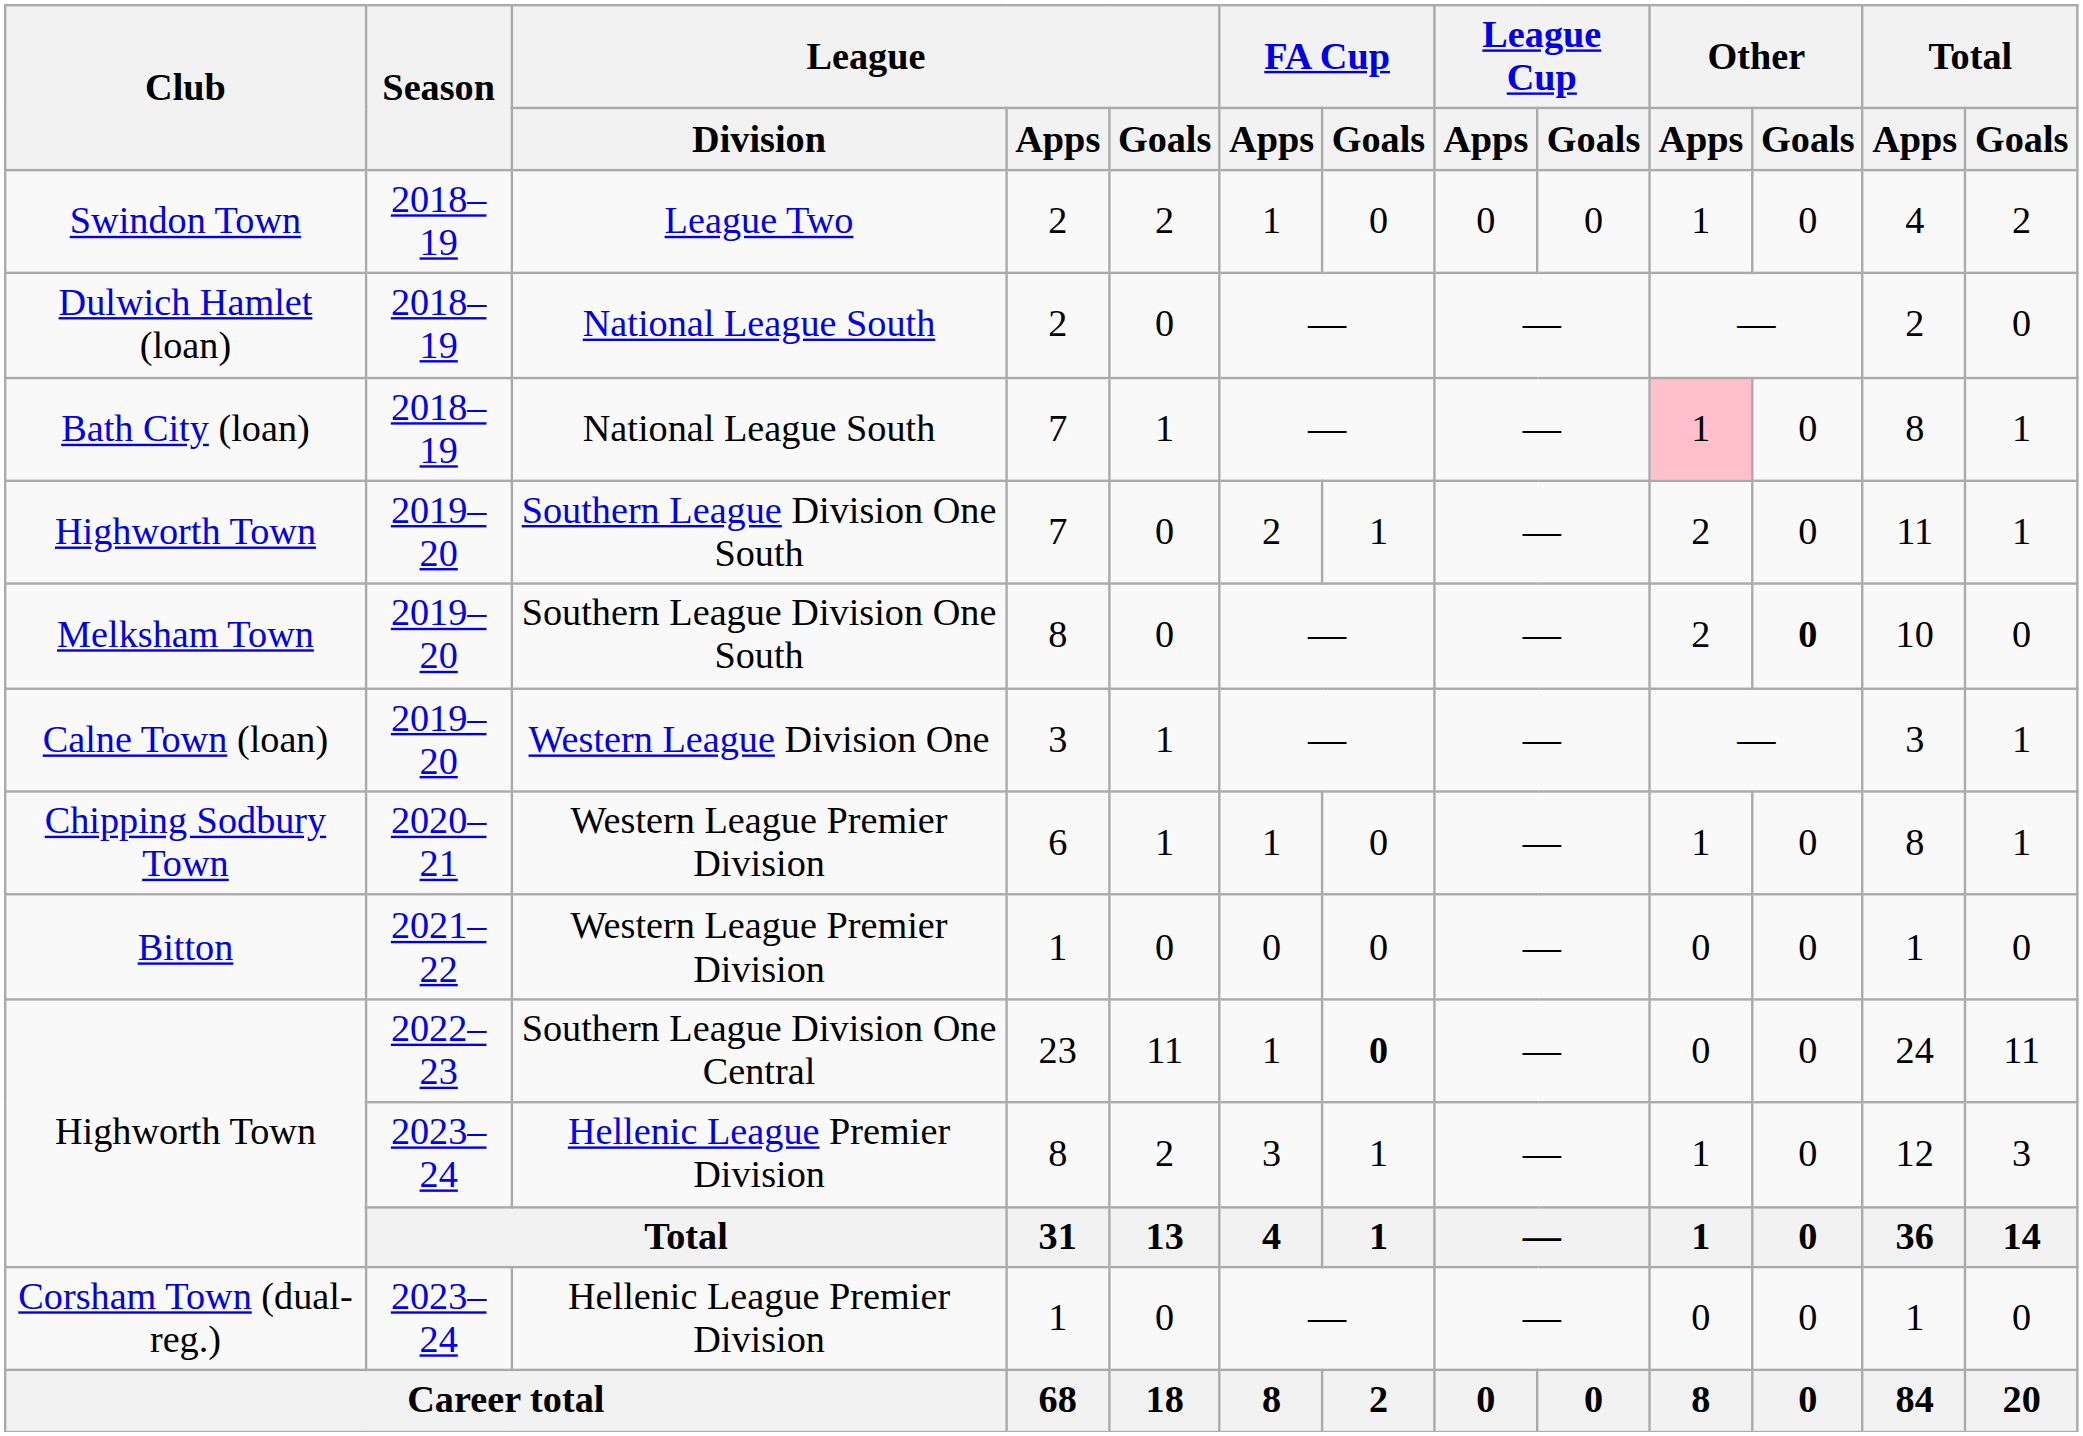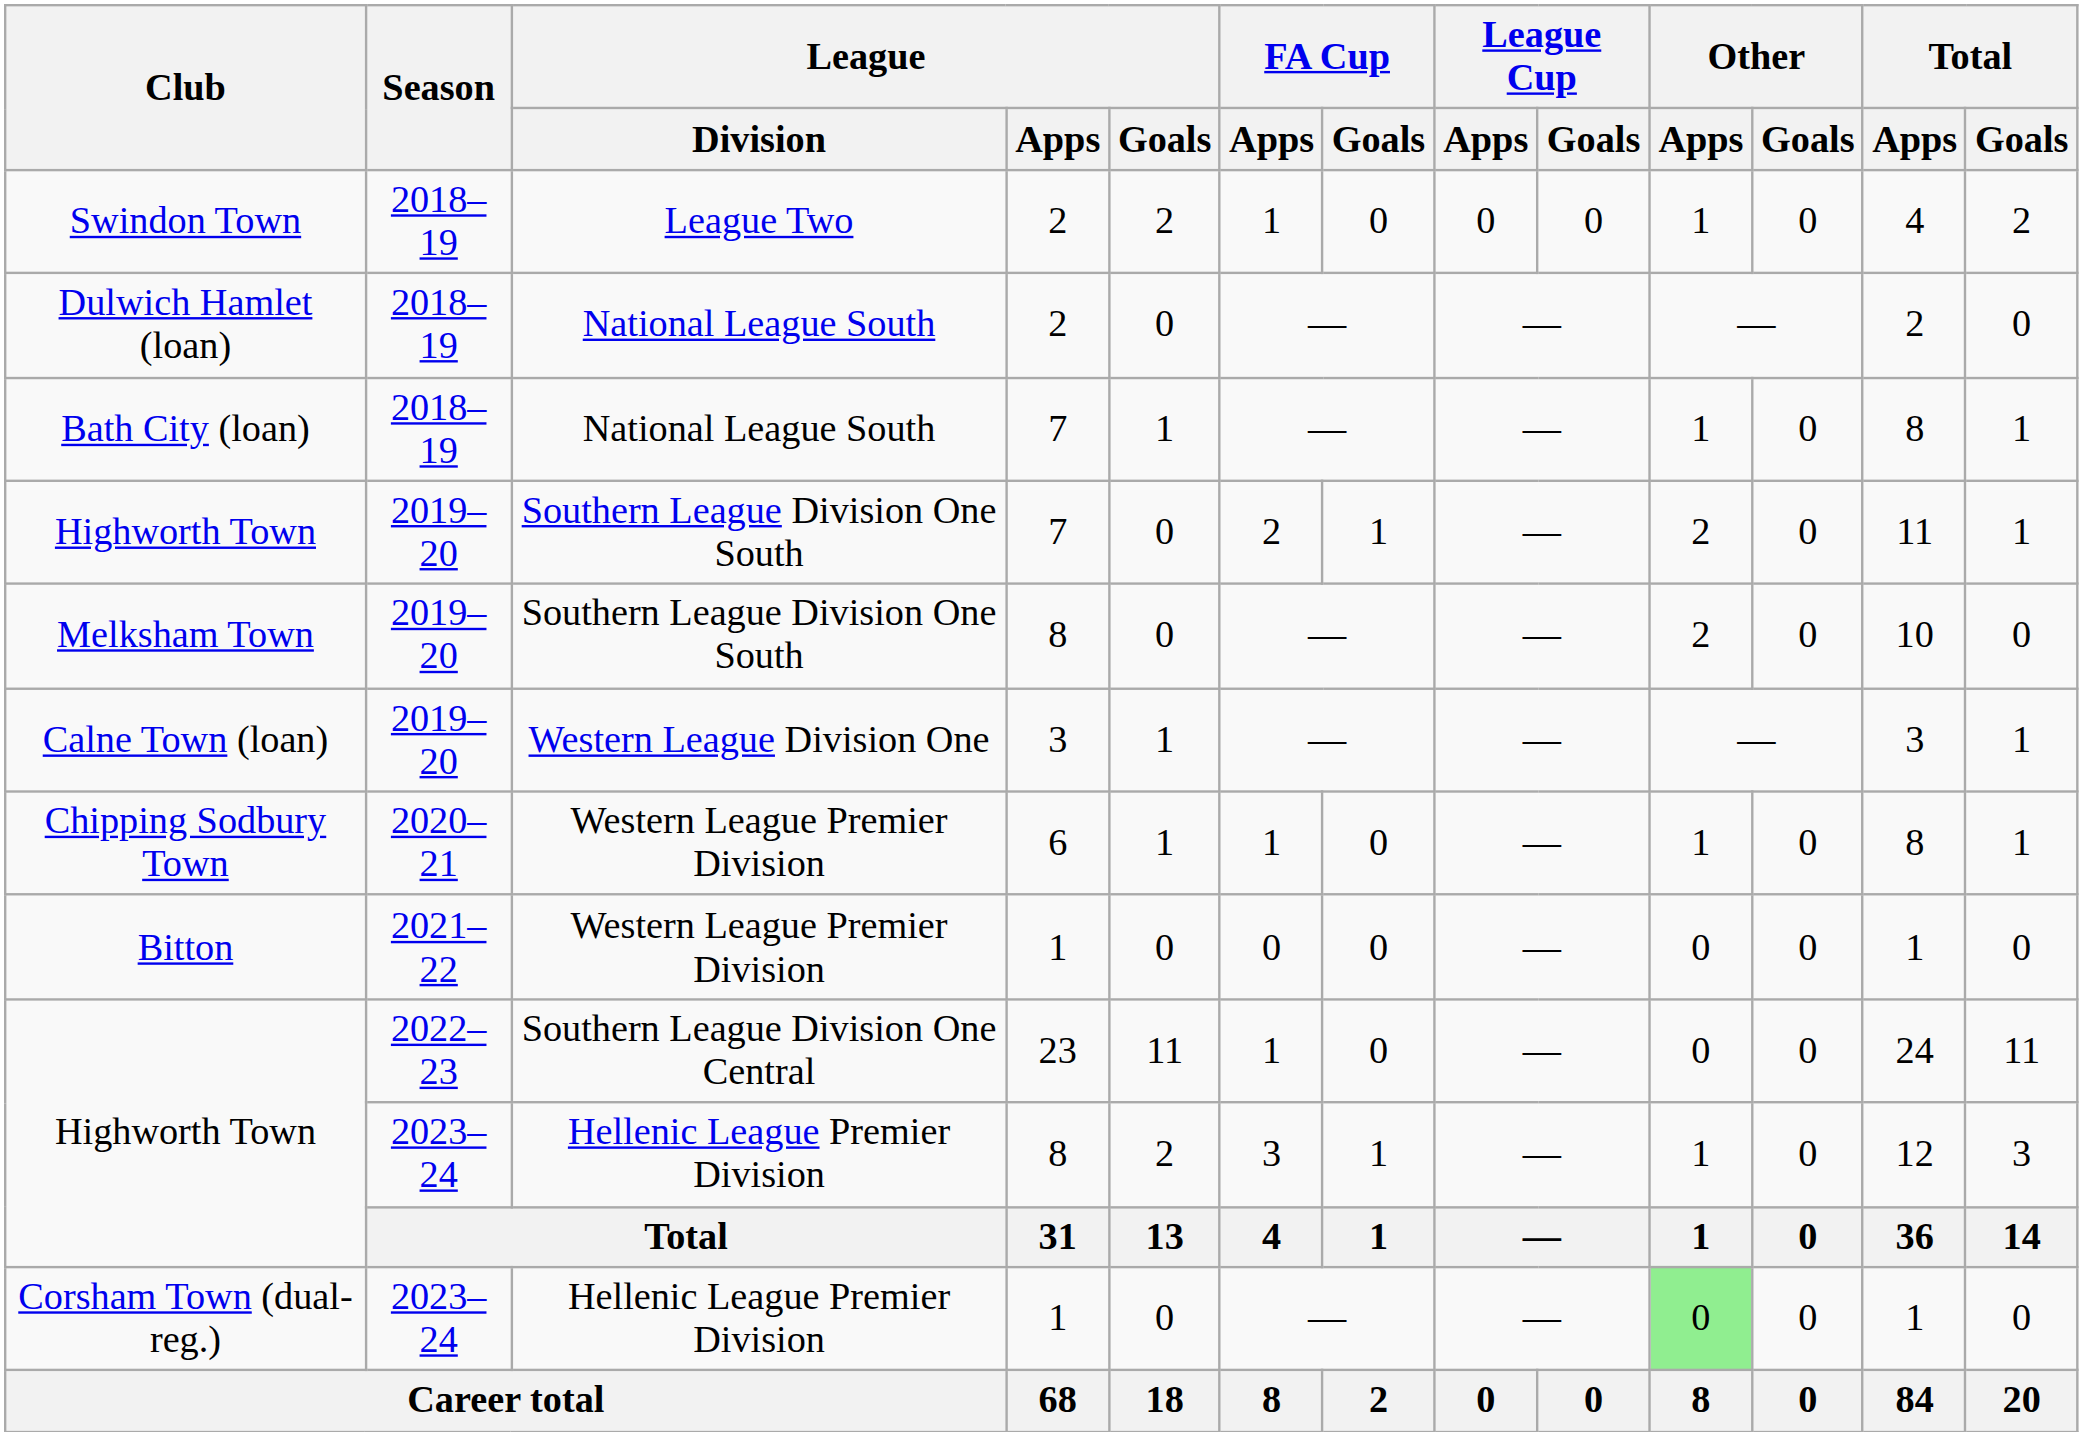 <table class="wikitable" style="text-align: center;">
 <tr>
 <th rowspan="2">Club</th>
 <th rowspan="2">Season</th>
 <th colspan="3">League</th>
 <th colspan="2"><a href='#'>FA Cup</a></th>
 <th colspan="2"><a href='#'>League Cup</a></th>
 <th colspan="2">Other</th>
 <th colspan="2">Total</th>
 </tr>
 <tr>
 <th>Division</th>
 <th>Apps</th>
 <th>Goals</th>
 <th>Apps</th>
 <th>Goals</th>
 <th>Apps</th>
 <th>Goals</th>
 <th>Apps</th>
 <th>Goals</th>
 <th>Apps</th>
 <th>Goals</th>
 </tr>
 <tr>
 <td><a href='#'>Swindon Town</a></td>
 <td><a href='#'>2018–19</a></td>
 <td><a href='#'>League Two</a></td>
 <td>2</td>
 <td>2</td>
 <td>1</td>
 <td>0</td>
 <td>0</td>
 <td>0</td>
 <td>1</td>
 <td>0</td>
 <td>4</td>
 <td>2</td>
 </tr>
 <tr>
 <td><a href='#'>Dulwich Hamlet</a> (loan)</td>
 <td><a href='#'>2018–19</a></td>
 <td><a href='#'>National League South</a></td>
 <td>2</td>
 <td>0</td>
 <td colspan="2">—</td>
 <td colspan="2">—</td>
 <td colspan="2">—</td>
 <td>2</td>
 <td>0</td>
 </tr>
 <tr>
 <td><a href='#'>Bath City</a> (loan)</td>
 <td><a href='#'>2018–19</a></td>
 <td>National League South</td>
 <td>7</td>
 <td>1</td>
 <td colspan="2">—</td>
 <td colspan="2">—</td>
-<td style="background: pink;">1</td>
+<td>1</td>
 <td>0</td>
 <td>8</td>
 <td>1</td>
 </tr>
 <tr>
 <td><a href='#'>Highworth Town</a></td>
 <td><a href='#'>2019–20</a></td>
 <td><a href='#'>Southern League</a> Division One South</td>
 <td>7</td>
 <td>0</td>
 <td>2</td>
 <td>1</td>
 <td colspan="2">—</td>
 <td>2</td>
 <td>0</td>
 <td>11</td>
 <td>1</td>
 </tr>
 <tr>
 <td><a href='#'>Melksham Town</a></td>
 <td><a href='#'>2019–20</a></td>
 <td>Southern League Division One South</td>
 <td>8</td>
 <td>0</td>
 <td colspan="2">—</td>
 <td colspan="2">—</td>
 <td>2</td>
-<td><strong>0</strong></td>
+<td>0</td>
 <td>10</td>
 <td>0</td>
 </tr>
 <tr>
 <td><a href='#'>Calne Town</a> (loan)</td>
 <td><a href='#'>2019–20</a></td>
 <td><a href='#'>Western League</a> Division One</td>
 <td>3</td>
 <td>1</td>
 <td colspan="2">—</td>
 <td colspan="2">—</td>
 <td colspan="2">—</td>
 <td>3</td>
 <td>1</td>
 </tr>
 <tr>
 <td><a href='#'>Chipping Sodbury Town</a></td>
 <td><a href='#'>2020–21</a></td>
 <td>Western League Premier Division</td>
 <td>6</td>
 <td>1</td>
 <td>1</td>
 <td>0</td>
 <td colspan="2">—</td>
 <td>1</td>
 <td>0</td>
 <td>8</td>
 <td>1</td>
 </tr>
 <tr>
 <td><a href='#'>Bitton</a></td>
 <td><a href='#'>2021–22</a></td>
 <td>Western League Premier Division</td>
 <td>1</td>
 <td>0</td>
 <td>0</td>
 <td>0</td>
 <td colspan="2">—</td>
 <td>0</td>
 <td>0</td>
 <td>1</td>
 <td>0</td>
 </tr>
 <tr>
 <td rowspan="3">Highworth Town</td>
 <td><a href='#'>2022–23</a></td>
 <td>Southern League Division One Central</td>
 <td>23</td>
 <td>11</td>
 <td>1</td>
-<td><strong>0</strong></td>
+<td>0</td>
 <td colspan="2">—</td>
 <td>0</td>
 <td>0</td>
 <td>24</td>
 <td>11</td>
 </tr>
 <tr>
 <td><a href='#'>2023–24</a></td>
 <td><a href='#'>Hellenic League</a> Premier Division</td>
 <td>8</td>
 <td>2</td>
 <td>3</td>
 <td>1</td>
 <td colspan="2">—</td>
 <td>1</td>
 <td>0</td>
 <td>12</td>
 <td>3</td>
 </tr>
 <tr>
 <th colspan="2">Total</th>
 <th>31</th>
 <th>13</th>
 <th>4</th>
 <th>1</th>
 <th colspan="2">—</th>
 <th>1</th>
 <th>0</th>
 <th>36</th>
 <th>14</th>
 </tr>
 <tr>
 <td><a href='#'>Corsham Town</a> (dual-reg.)</td>
 <td><a href='#'>2023–24</a></td>
 <td>Hellenic League Premier Division</td>
 <td>1</td>
 <td>0</td>
 <td colspan="2">—</td>
 <td colspan="2">—</td>
-<td>0</td>
+<td style="background: lightgreen;">0</td>
 <td>0</td>
 <td>1</td>
 <td>0</td>
 </tr>
 <tr>
 <th colspan="3">Career total</th>
 <th>68</th>
 <th>18</th>
 <th>8</th>
 <th>2</th>
 <th>0</th>
 <th>0</th>
 <th>8</th>
 <th>0</th>
 <th>84</th>
 <th>20</th>
 </tr>
 </table>
